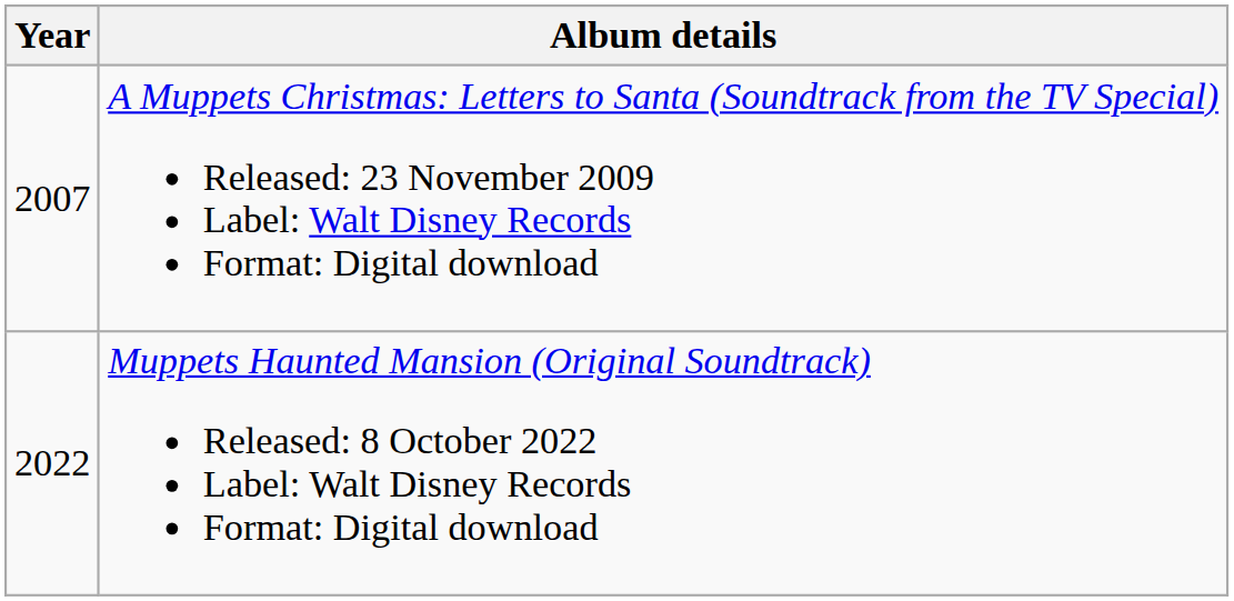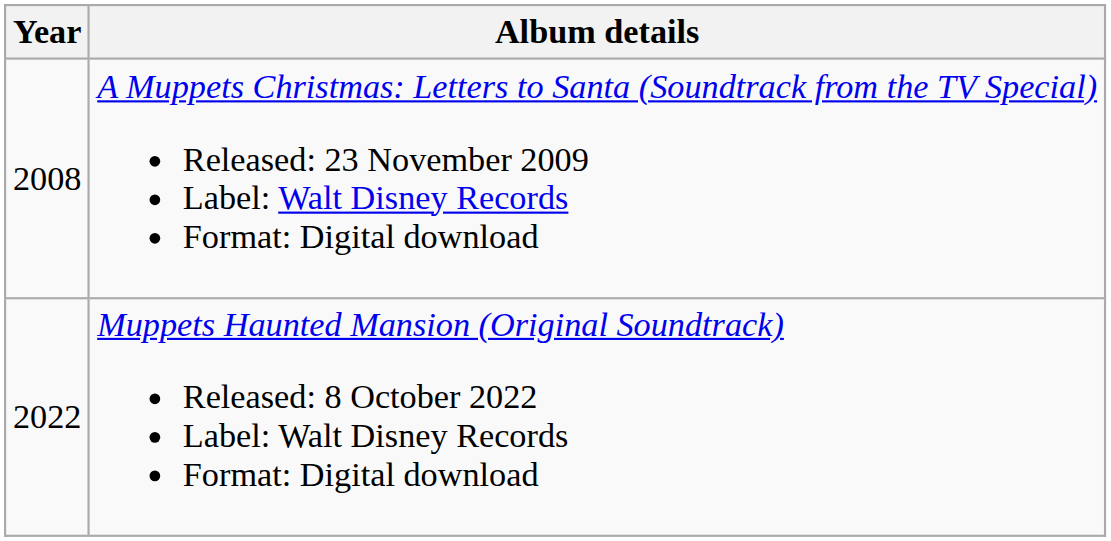 <table class="wikitable">
 <tr>
 <th>Year</th>
 <th>Album details</th>
 </tr>
 <tr>
-<td>2007</td>
+<td>2008</td>
 <td><em><a href='#'>A Muppets Christmas: Letters to Santa (Soundtrack from the TV Special)</a></em><br><ul><li>Released: 23 November 2009</li><li>Label: <a href='#'>Walt Disney Records</a></li><li>Format: Digital download</li></ul></td>
 </tr>
 <tr>
 <td>2022</td>
 <td><em><a href='#'>Muppets Haunted Mansion (Original Soundtrack)</a></em><br><ul><li>Released: 8 October 2022</li><li>Label: Walt Disney Records</li><li>Format: Digital download</li></ul></td>
 </tr>
 </table>
